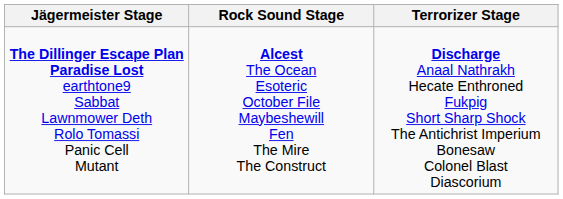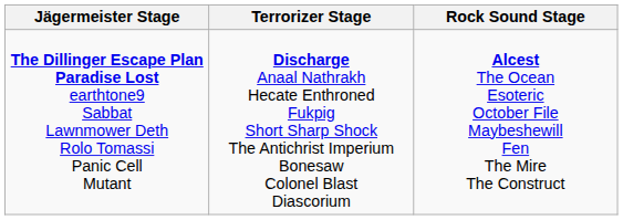 <table class="wikitable">
 <tr>
 <th>Jägermeister Stage</th>
+<th>Terrorizer Stage</th>
 <th>Rock Sound Stage</th>
-<th>Terrorizer Stage</th>
 </tr>
 <tr>
 <td valign="top" align="center" width=200><br><strong><a href='#'>The Dillinger Escape Plan</a></strong><br> <strong><a href='#'>Paradise Lost</a></strong><br> <a href='#'>earthtone9</a><br> <a href='#'>Sabbat</a><br> <a href='#'>Lawnmower Deth</a><br> <a href='#'>Rolo Tomassi</a><br> Panic Cell<br> Mutant</td>
+<td valign="top" align="center" width=200><br><strong><a href='#'>Discharge</a></strong><br> <a href='#'>Anaal Nathrakh</a><br> Hecate Enthroned<br> <a href='#'>Fukpig</a><br> <a href='#'>Short Sharp Shock</a><br> The Antichrist Imperium<br> Bonesaw<br> Colonel Blast<br> Diascorium<br></td>
 <td valign="top" align="center" width=200><br><strong><a href='#'>Alcest</a></strong><br> <a href='#'>The Ocean</a><br> <a href='#'>Esoteric</a><br> <a href='#'>October File</a><br> <a href='#'>Maybeshewill</a><br> <a href='#'>Fen</a><br> The Mire<br> The Construct<br></td>
-<td valign="top" align="center" width=200><br><strong><a href='#'>Discharge</a></strong><br> <a href='#'>Anaal Nathrakh</a><br> Hecate Enthroned<br> <a href='#'>Fukpig</a><br> <a href='#'>Short Sharp Shock</a><br> The Antichrist Imperium<br> Bonesaw<br> Colonel Blast<br> Diascorium<br></td>
 </tr>
 </table>
